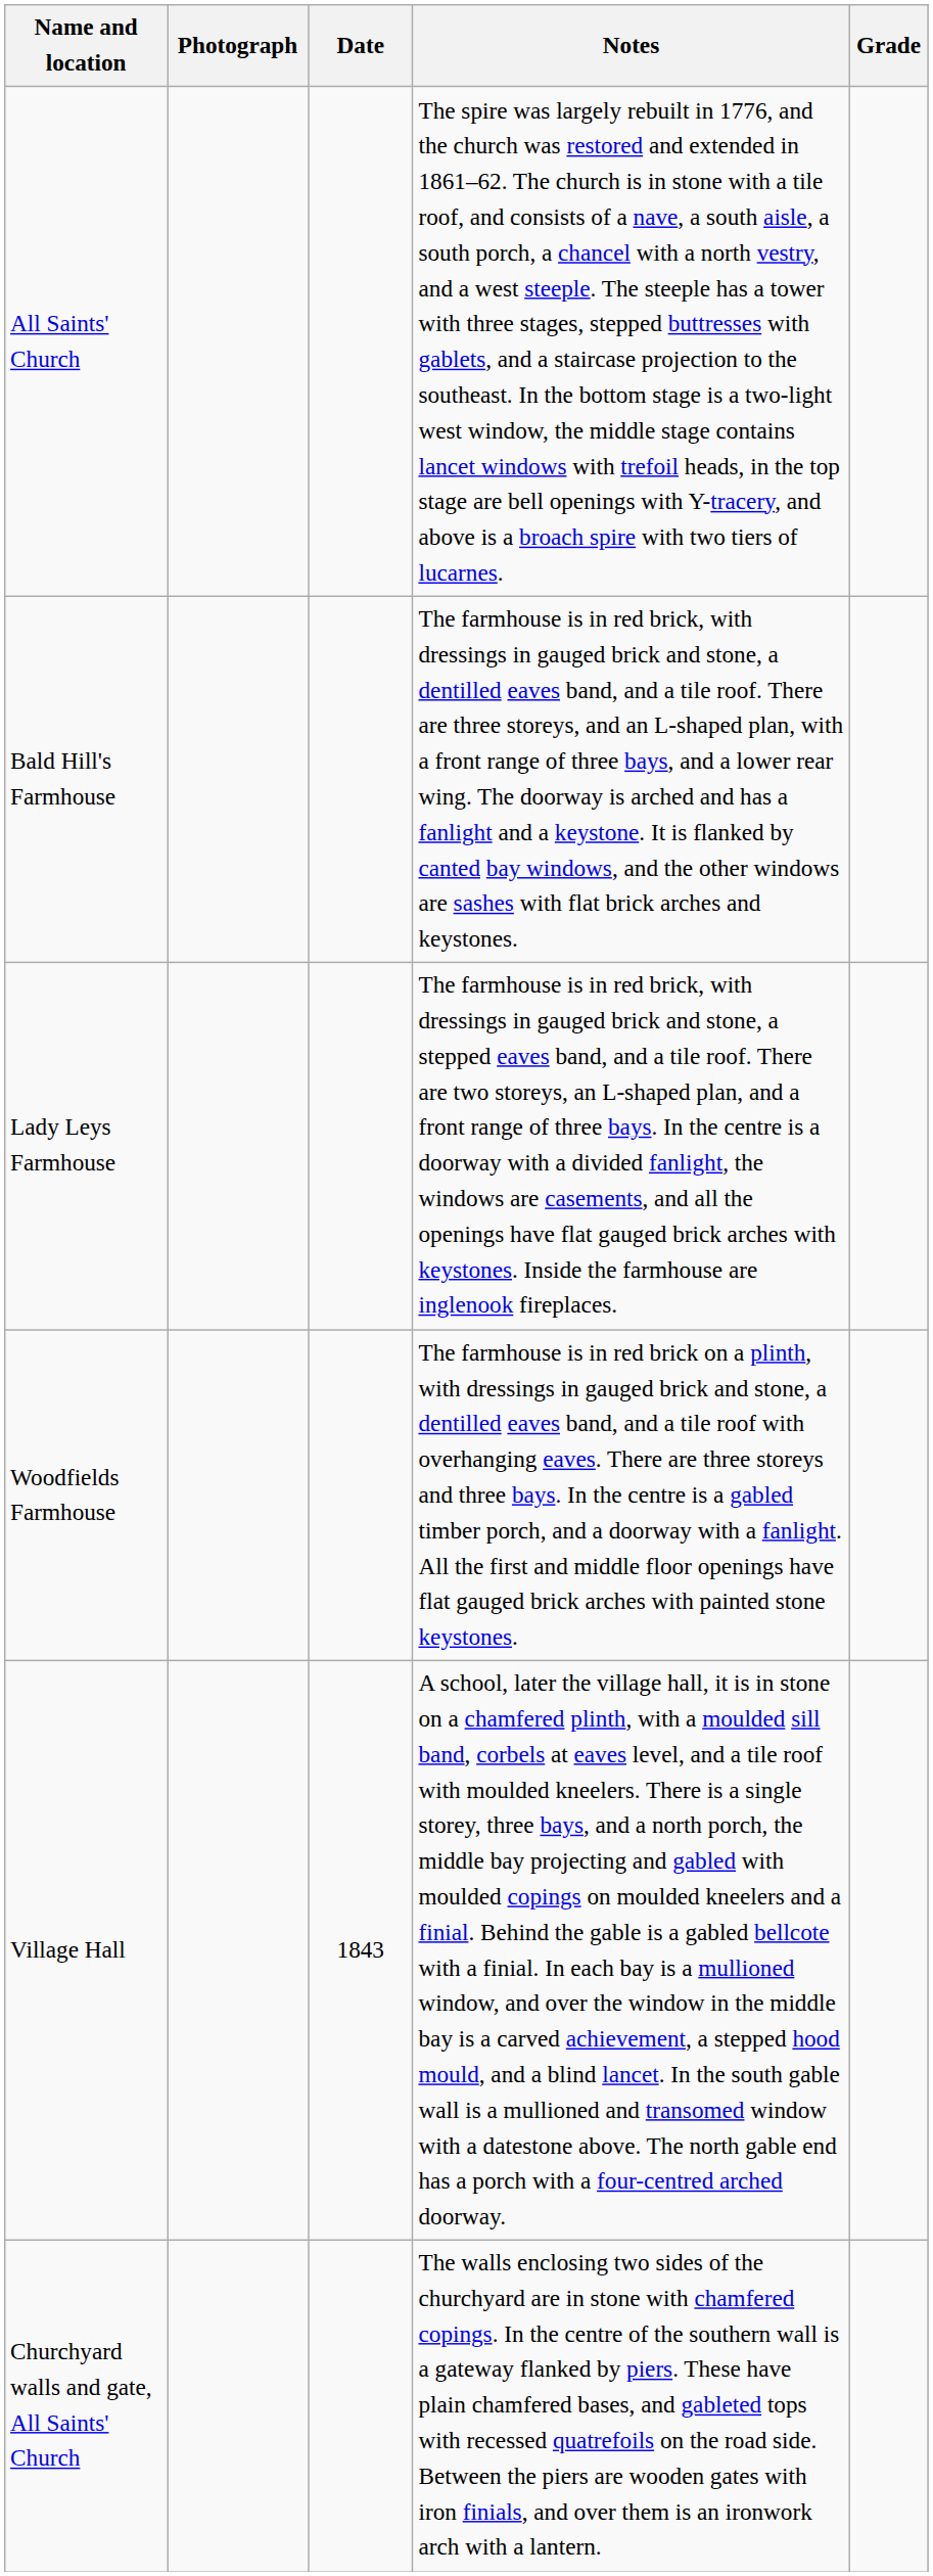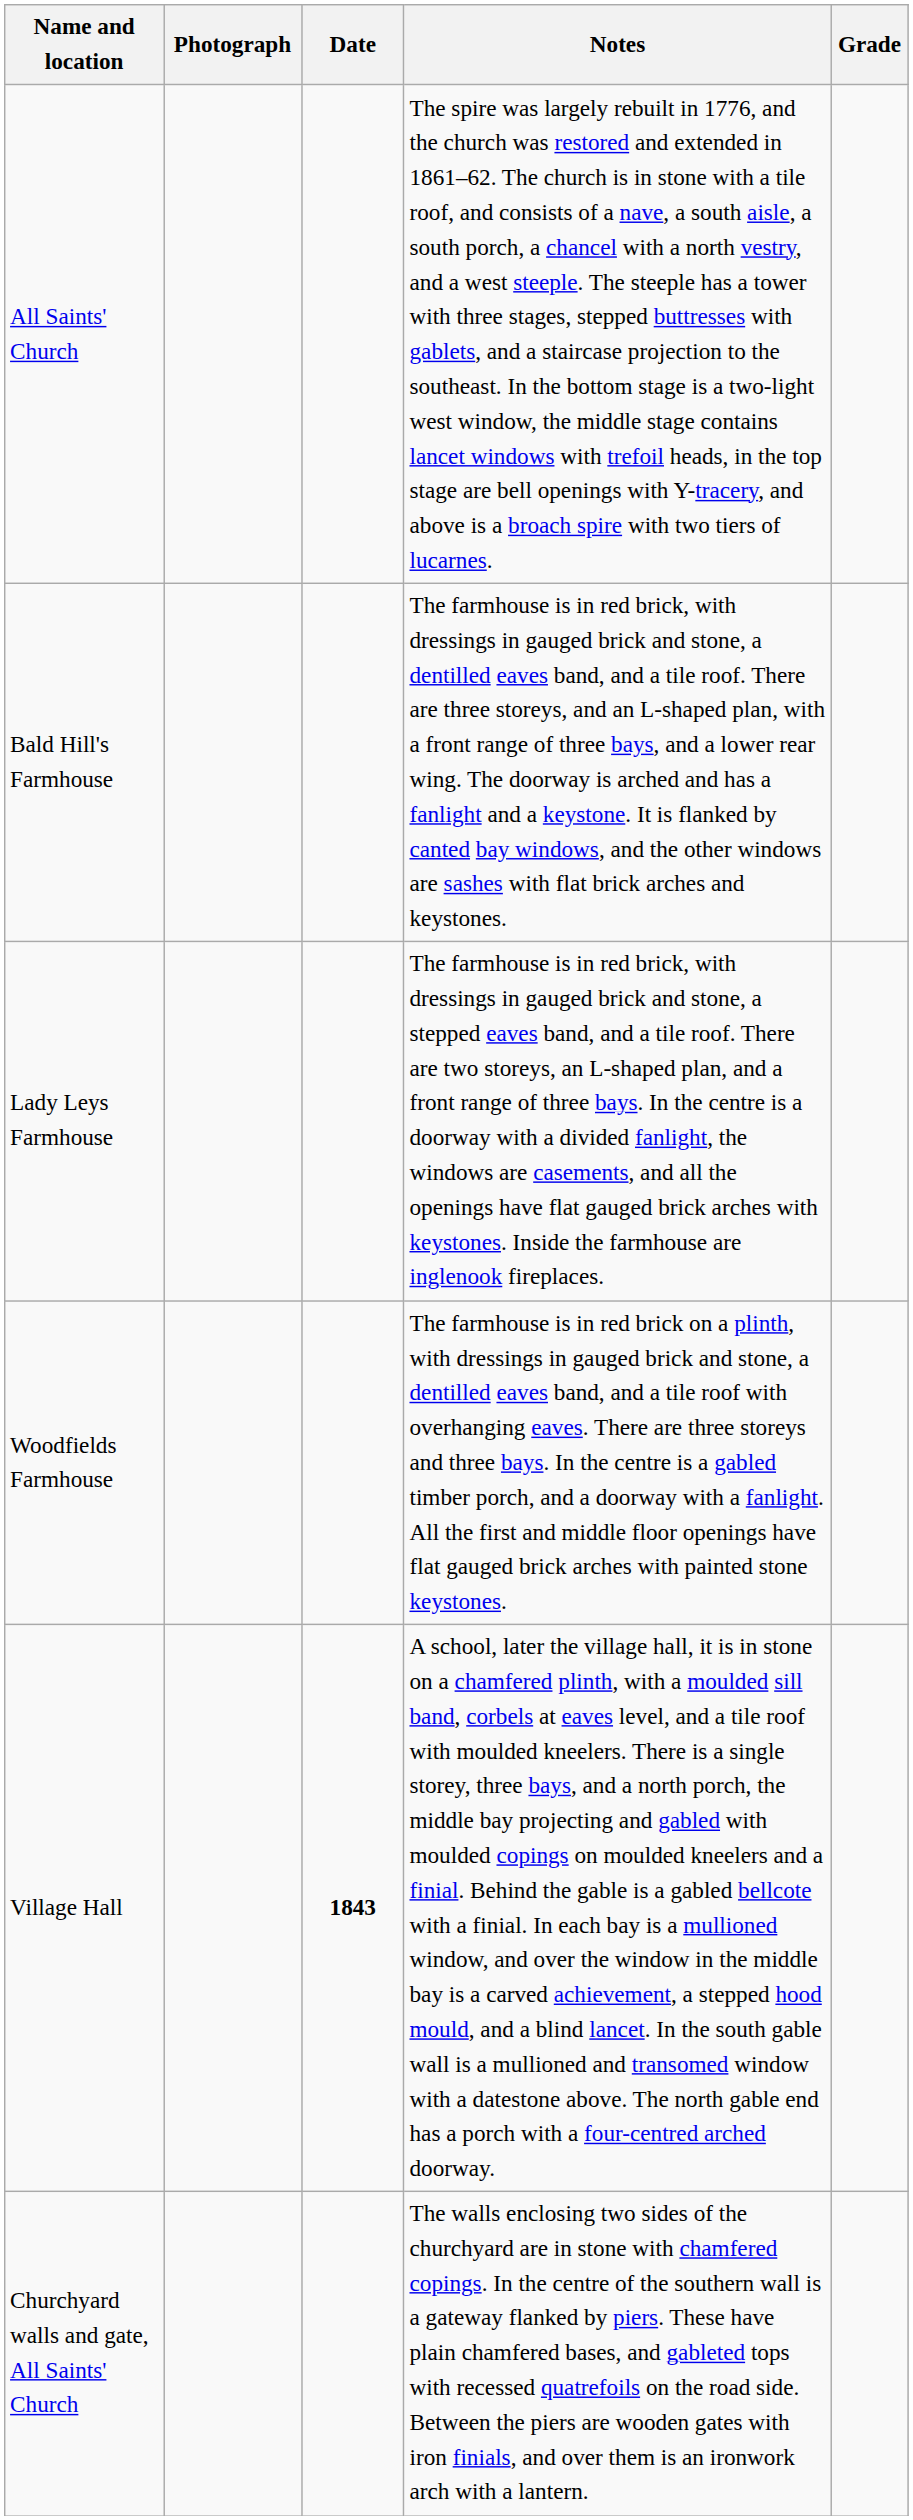 <table class="wikitable sortable plainrowheaders" style="width:100%; border:0; text-align:left; line-height:150%;">
 <tr>
 <th scope="col"  style="width:150px">Name and location</th>
 <th scope="col"  style="width:100px" class="unsortable">Photograph</th>
 <th scope="col"  style="width:120px">Date</th>
 <th scope="col"  style="width:650px" class="unsortable">Notes</th>
 <th scope="col"  style="width:50px">Grade</th>
 </tr>
 <tr>
 <td><a href='#'>All Saints' Church</a><br><small></small></td>
 <td></td>
 <td align="center"></td>
 <td>The spire was largely rebuilt in 1776, and the church was <a href='#'>restored</a> and extended in 1861–62.  The church is in stone with a tile roof, and consists of a <a href='#'>nave</a>, a south <a href='#'>aisle</a>, a south porch, a <a href='#'>chancel</a> with a north <a href='#'>vestry</a>, and a west <a href='#'>steeple</a>.  The steeple has a tower with three stages, stepped <a href='#'>buttresses</a> with <a href='#'>gablets</a>, and a staircase projection to the southeast.  In the bottom stage is a two-light west window, the middle stage contains <a href='#'>lancet windows</a> with <a href='#'>trefoil</a> heads, in the top stage are bell openings with Y-<a href='#'>tracery</a>, and above is a <a href='#'>broach spire</a> with two tiers of <a href='#'>lucarnes</a>.</td>
 <td align="center" ></td>
 </tr>
 <tr>
 <td>Bald Hill's Farmhouse<br><small></small></td>
 <td></td>
 <td align="center"></td>
 <td>The farmhouse is in red brick, with dressings in gauged brick and stone, a <a href='#'>dentilled</a> <a href='#'>eaves</a> band, and a tile roof.  There are three storeys, and an L-shaped plan, with a front range of three <a href='#'>bays</a>, and a lower rear wing.  The doorway is arched and has a <a href='#'>fanlight</a> and a <a href='#'>keystone</a>.  It is flanked by <a href='#'>canted</a> <a href='#'>bay windows</a>, and the other windows are <a href='#'>sashes</a> with flat brick arches and keystones.</td>
 <td align="center" ></td>
 </tr>
 <tr>
 <td>Lady Leys Farmhouse<br><small></small></td>
 <td></td>
 <td align="center"></td>
 <td>The farmhouse is in red brick, with dressings in gauged brick and stone, a stepped <a href='#'>eaves</a> band, and a tile roof. There are two storeys, an L-shaped plan, and a front range of three <a href='#'>bays</a>. In the centre is a doorway with a divided <a href='#'>fanlight</a>, the windows are <a href='#'>casements</a>, and all the openings have flat gauged brick arches with <a href='#'>keystones</a>.  Inside the farmhouse are <a href='#'>inglenook</a> fireplaces.</td>
 <td align="center" ></td>
 </tr>
 <tr>
 <td>Woodfields Farmhouse<br><small></small></td>
 <td></td>
 <td align="center"></td>
 <td>The farmhouse is in red brick on a <a href='#'>plinth</a>, with dressings in gauged brick and stone, a <a href='#'>dentilled</a> <a href='#'>eaves</a> band, and a tile roof with overhanging <a href='#'>eaves</a>.  There are three storeys and three <a href='#'>bays</a>.  In the centre is a <a href='#'>gabled</a> timber porch, and a doorway with a <a href='#'>fanlight</a>.  All the first and middle floor openings have flat gauged brick arches with painted stone <a href='#'>keystones</a>.</td>
 <td align="center" ></td>
 </tr>
 <tr>
 <td>Village Hall<br><small></small></td>
 <td></td>
-<td align="center">1843</td>
+<td align="center"><strong>1843</strong></td>
 <td>A school, later the village hall, it is in stone on a <a href='#'>chamfered</a> <a href='#'>plinth</a>, with a <a href='#'>moulded</a> <a href='#'>sill band</a>, <a href='#'>corbels</a> at <a href='#'>eaves</a> level, and a tile roof with moulded kneelers.  There is a single storey, three <a href='#'>bays</a>, and a north porch, the middle bay projecting and <a href='#'>gabled</a> with moulded <a href='#'>copings</a> on moulded kneelers and a <a href='#'>finial</a>.  Behind the gable is a gabled <a href='#'>bellcote</a> with a finial.  In each bay is a <a href='#'>mullioned</a> window, and over the window in the middle bay is a carved <a href='#'>achievement</a>, a stepped <a href='#'>hood mould</a>, and a blind <a href='#'>lancet</a>.  In the south gable wall is a mullioned and <a href='#'>transomed</a> window with a datestone above.  The north gable end has a porch with a <a href='#'>four-centred arched</a> doorway.</td>
 <td align="center" ></td>
 </tr>
 <tr>
 <td>Churchyard walls and gate,<br><a href='#'>All Saints' Church</a><br><small></small></td>
 <td></td>
 <td align="center"></td>
 <td>The walls enclosing two sides of the churchyard are in stone with <a href='#'>chamfered</a> <a href='#'>copings</a>.  In the centre of the southern wall is a gateway flanked by <a href='#'>piers</a>.  These have plain chamfered bases, and <a href='#'>gableted</a> tops with recessed <a href='#'>quatrefoils</a> on the road side.  Between the piers are wooden gates with iron <a href='#'>finials</a>, and over them is an ironwork arch with a lantern.</td>
 <td align="center" ></td>
 </tr>
 <tr>
 </tr>
 </table>
